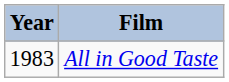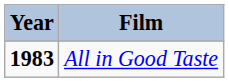 <table class="wikitable" style="font-size:95%;">
 <tr>
 <th style="background:#B0C4DE;">Year</th>
 <th style="background:#B0C4DE;">Film</th>
 </tr>
 <tr>
-<td>1983</td>
+<td><strong>1983</strong></td>
 <td><em><a href='#'>All in Good Taste</a></em></td>
 </tr>
 </table>
